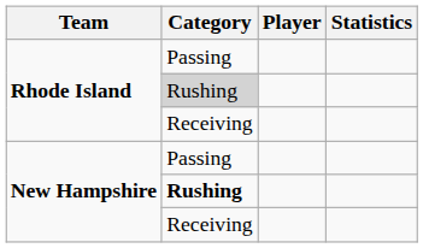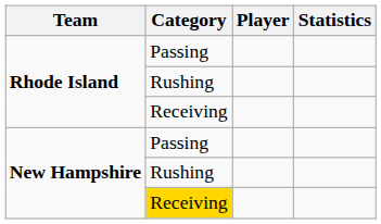 <table class="wikitable" style="float: right;">
 <tr>
 <th>Team</th>
 <th>Category</th>
 <th>Player</th>
 <th>Statistics</th>
 </tr>
 <tr>
 <td rowspan=3><strong>Rhode Island</strong></td>
 <td>Passing</td>
 <td></td>
 <td></td>
 </tr>
 <tr>
-<td style="background: lightgrey;">Rushing</td>
+<td>Rushing</td>
 <td></td>
 <td></td>
 </tr>
 <tr>
 <td>Receiving</td>
 <td></td>
 <td></td>
 </tr>
 <tr>
 <td rowspan=3><strong>New Hampshire</strong></td>
 <td>Passing</td>
 <td></td>
 <td></td>
 </tr>
 <tr>
-<td><strong>Rushing</strong></td>
+<td>Rushing</td>
 <td></td>
 <td></td>
 </tr>
 <tr>
-<td>Receiving</td>
+<td style="background: gold;">Receiving</td>
 <td></td>
 <td></td>
 </tr>
 </table>
